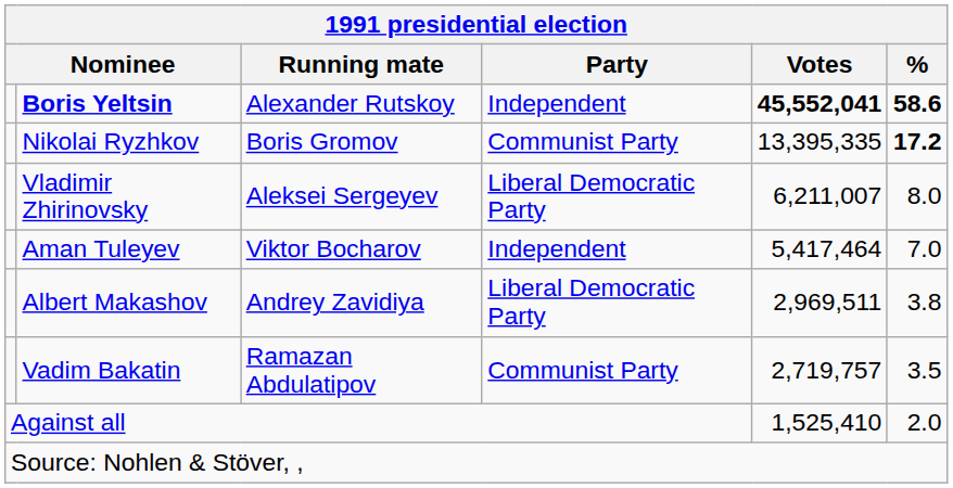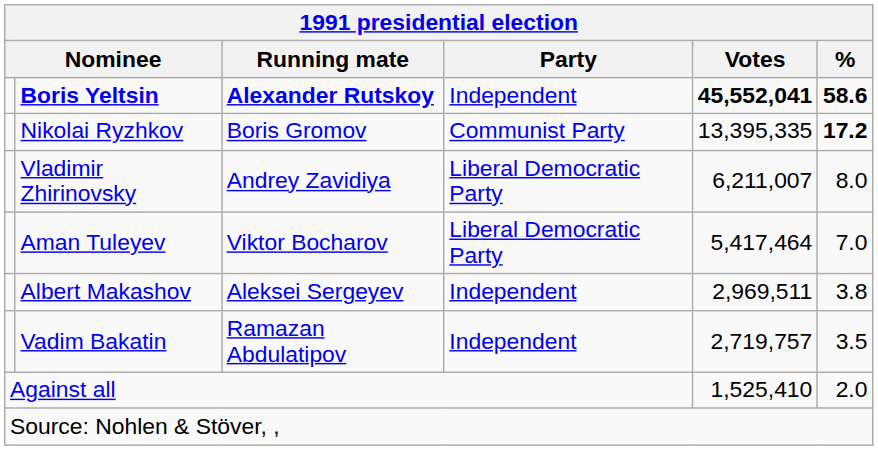 <table class=wikitable style=text-align:right>
 <tr>
 <th colspan=6><a href='#'>1991 presidential election</a></th>
 </tr>
 <tr>
 <th colspan=2>Nominee</th>
 <th>Running mate</th>
 <th>Party</th>
 <th>Votes</th>
 <th>%</th>
 </tr>
 <tr>
 <td style="background-color: "></td>
 <td align=left><strong><a href='#'>Boris Yeltsin</a></strong></td>
-<td align=left><a href='#'>Alexander Rutskoy</a></td>
+<td align=left><strong><a href='#'>Alexander Rutskoy</a></strong></td>
 <td align=left><a href='#'>Independent</a></td>
 <td><strong>45,552,041</strong></td>
 <td><strong>58.6</strong></td>
 </tr>
 <tr>
 <td style="background-color: "></td>
 <td align=left><a href='#'>Nikolai Ryzhkov</a></td>
 <td align=left><a href='#'>Boris Gromov</a></td>
 <td align=left><a href='#'>Communist Party</a></td>
 <td>13,395,335</td>
 <td><strong>17.2</strong></td>
 </tr>
 <tr>
 <td style="background-color: "></td>
 <td align=left><a href='#'>Vladimir Zhirinovsky</a></td>
-<td align=left><a href='#'>Aleksei Sergeyev</a></td>
+<td align=left><a href='#'>Andrey Zavidiya</a></td>
 <td align=left><a href='#'>Liberal Democratic Party</a></td>
 <td>6,211,007</td>
 <td>8.0</td>
 </tr>
 <tr>
 <td style="background-color: "></td>
 <td align=left><a href='#'>Aman Tuleyev</a></td>
 <td align=left><a href='#'>Viktor Bocharov</a></td>
-<td align=left><a href='#'>Independent</a></td>
+<td align=left><a href='#'>Liberal Democratic Party</a></td>
 <td>5,417,464</td>
 <td>7.0</td>
 </tr>
 <tr>
 <td style="background-color: "></td>
 <td align=left><a href='#'>Albert Makashov</a></td>
-<td align=left><a href='#'>Andrey Zavidiya</a></td>
-<td align=left><a href='#'>Liberal Democratic Party</a></td>
+<td align=left><a href='#'>Aleksei Sergeyev</a></td>
+<td align=left><a href='#'>Independent</a></td>
 <td>2,969,511</td>
 <td>3.8</td>
 </tr>
 <tr>
 <td style="background-color: "></td>
 <td align=left><a href='#'>Vadim Bakatin</a></td>
 <td align=left><a href='#'>Ramazan Abdulatipov</a></td>
-<td align=left><a href='#'>Communist Party</a></td>
+<td align=left><a href='#'>Independent</a></td>
 <td>2,719,757</td>
 <td>3.5</td>
 </tr>
 <tr>
 <td align=left colspan=4><a href='#'>Against all</a></td>
 <td>1,525,410</td>
 <td>2.0</td>
 </tr>
 <tr>
 <td align=left colspan=6>Source: Nohlen & Stöver, , </td>
 </tr>
 </table>
